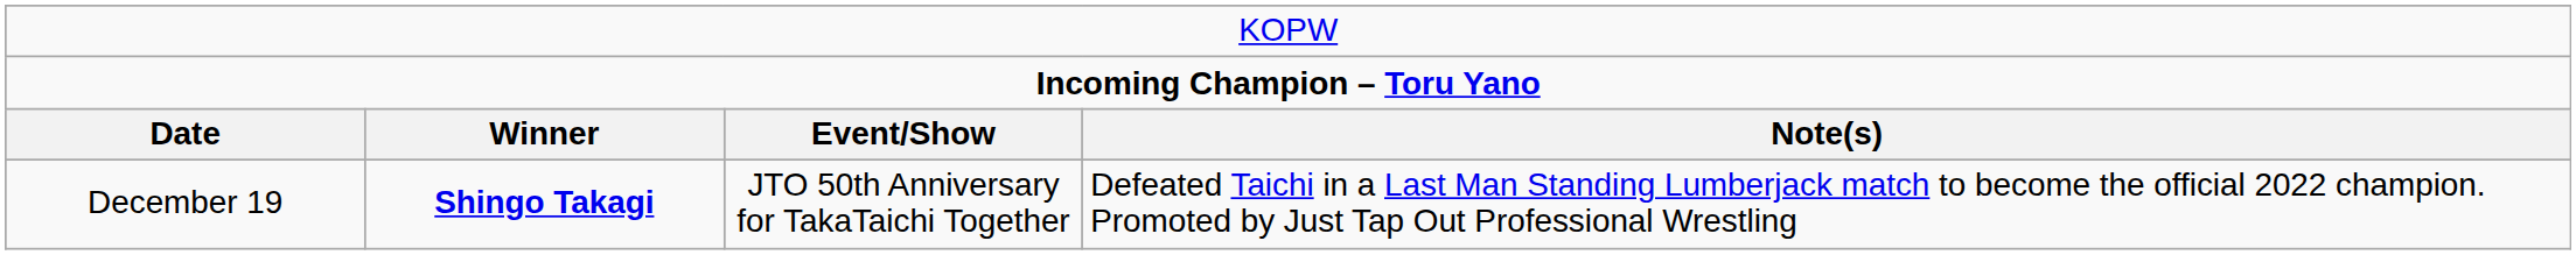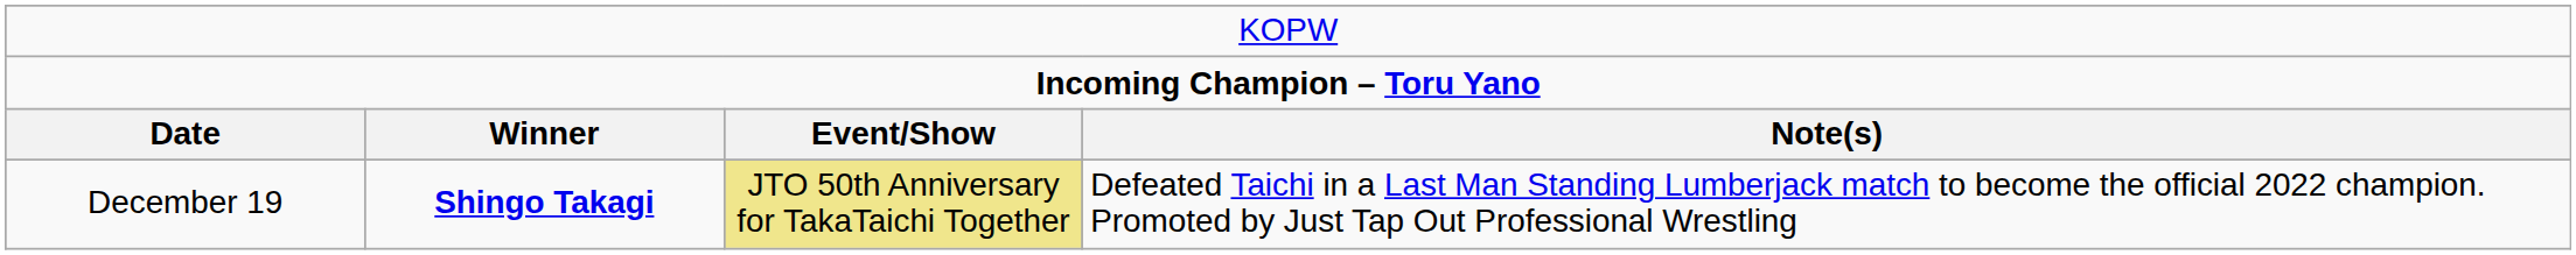 <table class="wikitable" style="text-align:center; width:100%;">
 <tr>
 <td colspan="4" style="text-align: center;"><a href='#'>KOPW</a></td>
 </tr>
 <tr>
 <td colspan="4" style="text-align: center;"><strong>Incoming Champion – <a href='#'>Toru Yano</a></strong></td>
 </tr>
 <tr>
 <th width=14%>Date</th>
 <th width=14%>Winner</th>
 <th width=14%>Event/Show</th>
 <th width=58%>Note(s)</th>
 </tr>
 <tr>
 <td>December 19</td>
 <td><strong><a href='#'>Shingo Takagi</a></strong></td>
-<td>JTO 50th Anniversary for TakaTaichi Together</td>
+<td style="background: khaki;">JTO 50th Anniversary for TakaTaichi Together</td>
 <td align=left>Defeated <a href='#'>Taichi</a> in a <a href='#'>Last Man Standing Lumberjack match</a> to become the official 2022 champion. Promoted by Just Tap Out Professional Wrestling</td>
 </tr>
 </table>
